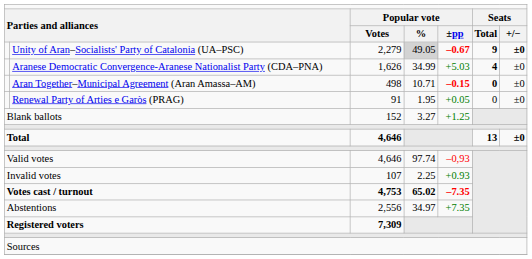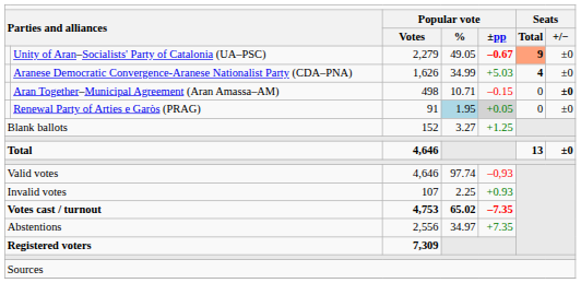 <table class="wikitable" style="text-align:right;">
 <tr>
 <td colspan="7"></td>
 </tr>
 <tr>
 <th colspan="2" rowspan="2" style="text-align:left;" width="525">Parties and alliances</th>
 <th colspan="3">Popular vote</th>
 <th colspan="2">Seats</th>
 </tr>
 <tr>
 <th width="75">Votes</th>
 <th width="45">%</th>
 <th width="45">±<a href='#'>pp</a></th>
 <th width="35">Total</th>
 <th width="35">+/−</th>
 </tr>
 <tr>
 <td width="1" style="color:inherit;background:"></td>
 <td align="left"><a href='#'>Unity of Aran</a>–<a href='#'>Socialists' Party of Catalonia</a> (UA–PSC)</td>
 <td>2,279</td>
-<td style="background: lightgrey;">49.05</td>
+<td>49.05</td>
 <td style="color:red;"><strong>–0.67</strong></td>
-<td><strong>9</strong></td>
-<td><strong>±0</strong></td>
+<td style="background: lightsalmon;"><strong>9</strong></td>
+<td>±0</td>
 </tr>
 <tr>
 <td style="color:inherit;background:"></td>
 <td align="left"><a href='#'>Aranese Democratic Convergence-Aranese Nationalist Party</a> (CDA–PNA)</td>
 <td>1,626</td>
 <td>34.99</td>
 <td style="color:green;">+5.03</td>
 <td><strong>4</strong></td>
 <td>±0</td>
 </tr>
 <tr>
 <td style="color:inherit;background:"></td>
 <td align="left"><a href='#'>Aran Together</a>–<a href='#'>Municipal Agreement</a> (Aran Amassa–AM)</td>
 <td>498</td>
 <td>10.71</td>
-<td style="color:red;"><strong>–0.15</strong></td>
-<td><strong>0</strong></td>
-<td>±0</td>
+<td style="color:red;">–0.15</td>
+<td>0</td>
+<td><strong>±0</strong></td>
 </tr>
 <tr>
 <td style="color:inherit;background:"></td>
 <td align="left"><a href='#'>Renewal Party of Arties e Garòs</a> (PRAG)</td>
 <td>91</td>
-<td>1.95</td>
-<td style="color:green;">+0.05</td>
+<td style="background: lightblue;">1.95</td>
+<td style="background: lightgrey; color:green;">+0.05</td>
 <td>0</td>
 <td>±0</td>
 </tr>
 <tr>
 <td colspan="2" align="left">Blank ballots</td>
 <td>152</td>
 <td>3.27</td>
 <td style="color:green;">+1.25</td>
 <td bgcolor="#E9E9E9" colspan="2"></td>
 </tr>
 <tr>
 <td colspan="7" bgcolor="#E9E9E9"></td>
 </tr>
 <tr style="font-weight:bold;">
 <td colspan="2" align="left">Total</td>
 <td>4,646</td>
 <td bgcolor="#E9E9E9" colspan="2"></td>
 <td>13</td>
 <td>±0</td>
 </tr>
 <tr>
 <td colspan="7" bgcolor="#E9E9E9"></td>
 </tr>
 <tr>
 <td colspan="2" align="left">Valid votes</td>
 <td>4,646</td>
 <td>97.74</td>
 <td style="color:red;">–0,93</td>
 <td bgcolor="#E9E9E9" colspan="2" rowspan="5"></td>
 </tr>
 <tr>
 <td colspan="2" align="left">Invalid votes</td>
 <td>107</td>
 <td>2.25</td>
 <td style="color:green;">+0.93</td>
 </tr>
 <tr style="font-weight:bold;">
 <td colspan="2" align="left">Votes cast / turnout</td>
 <td>4,753</td>
 <td>65.02</td>
 <td style="color:red;">–7.35</td>
 </tr>
 <tr>
 <td colspan="2" align="left">Abstentions</td>
 <td>2,556</td>
 <td>34.97</td>
 <td style="color:green;">+7.35</td>
 </tr>
 <tr style="font-weight:bold;">
 <td colspan="2" align="left">Registered voters</td>
 <td>7,309</td>
 <td bgcolor="#E9E9E9" colspan="2"></td>
 </tr>
 <tr>
 <td colspan="7" bgcolor="#E9E9E9"></td>
 </tr>
 <tr>
 <td colspan="7" align="left">Sources</td>
 </tr>
 <tr>
 </tr>
 </table>
